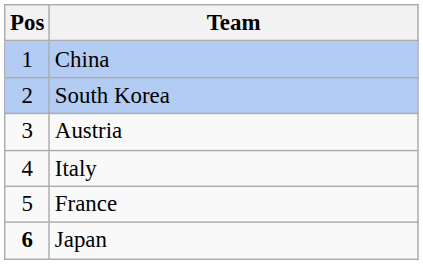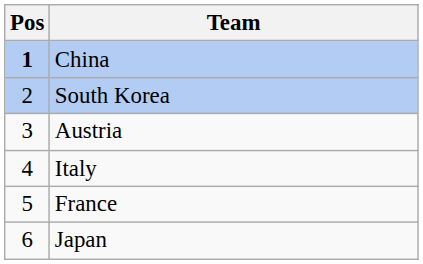 <table class="wikitable" style="font-size: 100%">
 <tr>
 <th width=15>Pos</th>
 <th width=250>Team</th>
 </tr>
 <tr align=center style="background: #b2ccf4;">
-<td>1</td>
+<td><strong>1</strong></td>
 <td align="left"> China</td>
 </tr>
 <tr align=center style="background: #b2ccf4;">
 <td>2</td>
 <td align="left"> South Korea</td>
 </tr>
 <tr align=center>
 <td>3</td>
 <td align="left"> Austria</td>
 </tr>
 <tr align=center>
 <td>4</td>
 <td align="left"> Italy</td>
 </tr>
 <tr align=center>
 <td>5</td>
 <td align="left"> France</td>
 </tr>
 <tr align=center>
-<td><strong>6</strong></td>
+<td>6</td>
 <td align="left"> Japan</td>
 </tr>
 </table>
